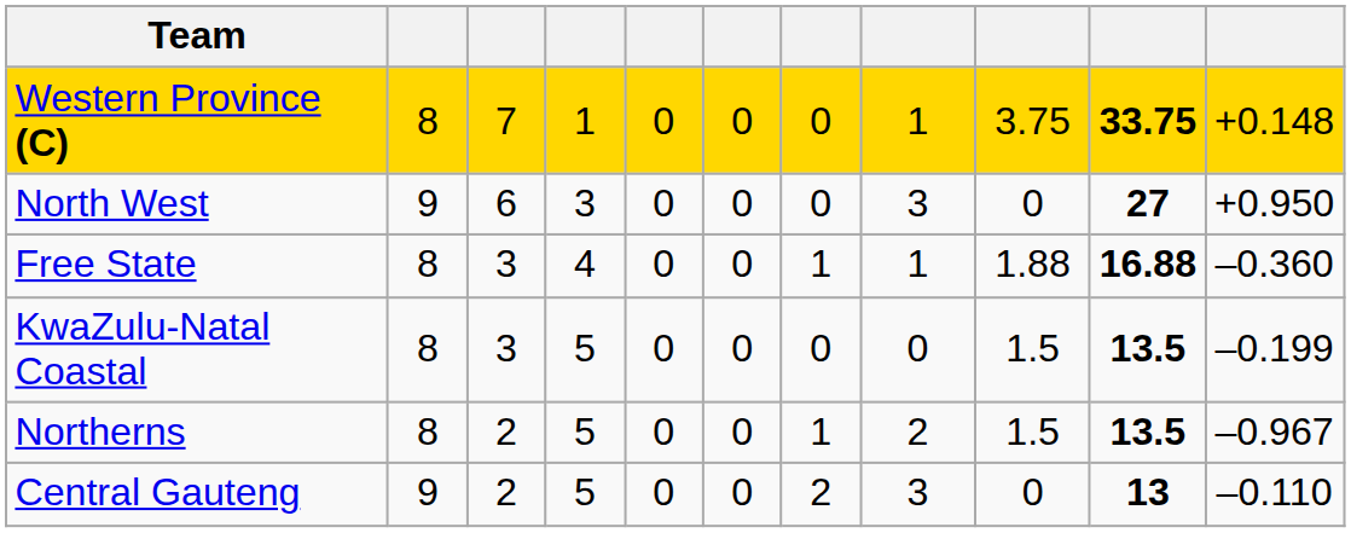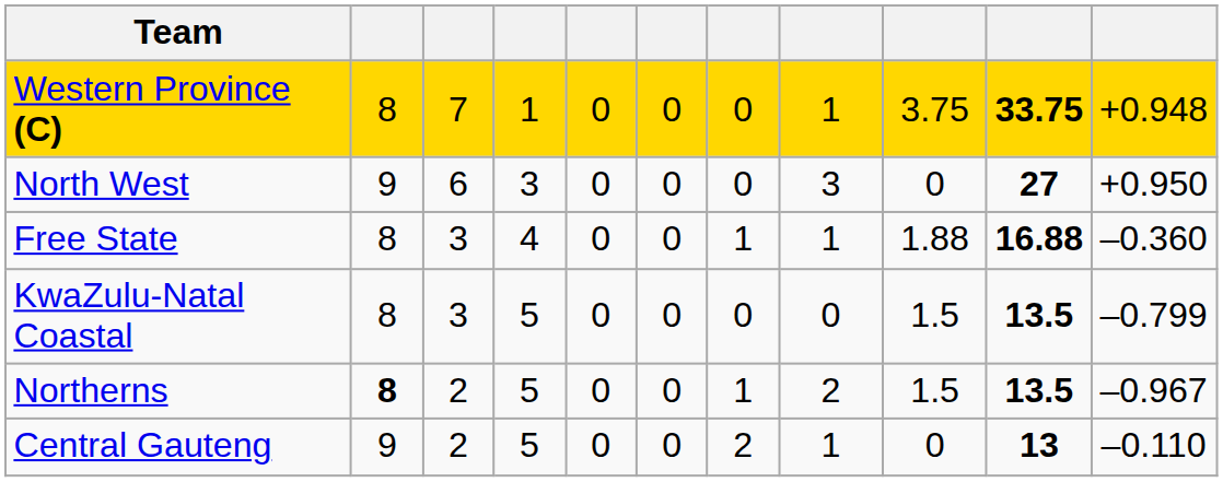 <table class="wikitable" style="text-align:center">
 <tr>
 <th width="150">Team</th>
 <th width="25"></th>
 <th width="25"></th>
 <th width="25"></th>
 <th width="25"></th>
 <th width="25"></th>
 <th width="25"></th>
 <th width="40"></th>
 <th width="40"></th>
 <th width="40"></th>
 <th width="45"></th>
 </tr>
 <tr style="background:gold">
 <td style="text-align:left"><a href='#'>Western Province</a> <strong>(C)</strong></td>
 <td>8</td>
 <td>7</td>
 <td>1</td>
 <td>0</td>
 <td>0</td>
 <td>0</td>
 <td>1</td>
 <td>3.75</td>
 <td><strong>33.75</strong></td>
-<td>+0.148</td>
+<td>+0.948</td>
 </tr>
 <tr>
 <td style="text-align:left"><a href='#'>North West</a></td>
 <td>9</td>
 <td>6</td>
 <td>3</td>
 <td>0</td>
 <td>0</td>
 <td>0</td>
 <td>3</td>
 <td>0</td>
 <td><strong>27</strong></td>
 <td>+0.950</td>
 </tr>
 <tr>
 <td style="text-align:left"><a href='#'>Free State</a></td>
 <td>8</td>
 <td>3</td>
 <td>4</td>
 <td>0</td>
 <td>0</td>
 <td>1</td>
 <td>1</td>
 <td>1.88</td>
 <td><strong>16.88</strong></td>
 <td>–0.360</td>
 </tr>
 <tr>
 <td style="text-align:left"><a href='#'>KwaZulu-Natal Coastal</a></td>
 <td>8</td>
 <td>3</td>
 <td>5</td>
 <td>0</td>
 <td>0</td>
 <td>0</td>
 <td>0</td>
 <td>1.5</td>
 <td><strong>13.5</strong></td>
-<td>–0.199</td>
+<td>–0.799</td>
 </tr>
 <tr>
 <td style="text-align:left"><a href='#'>Northerns</a></td>
-<td>8</td>
+<td><strong>8</strong></td>
 <td>2</td>
 <td>5</td>
 <td>0</td>
 <td>0</td>
 <td>1</td>
 <td>2</td>
 <td>1.5</td>
 <td><strong>13.5</strong></td>
 <td>–0.967</td>
 </tr>
 <tr>
 <td style="text-align:left"><a href='#'>Central Gauteng</a></td>
 <td>9</td>
 <td>2</td>
 <td>5</td>
 <td>0</td>
 <td>0</td>
 <td>2</td>
-<td>3</td>
+<td>1</td>
 <td>0</td>
 <td><strong>13</strong></td>
 <td>–0.110</td>
 </tr>
 </table>
